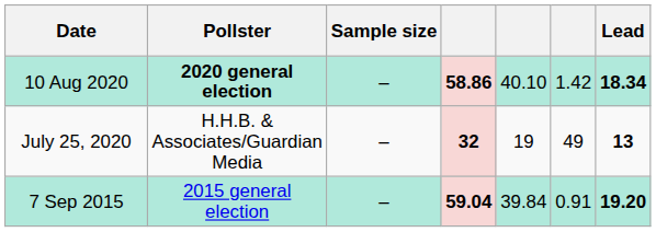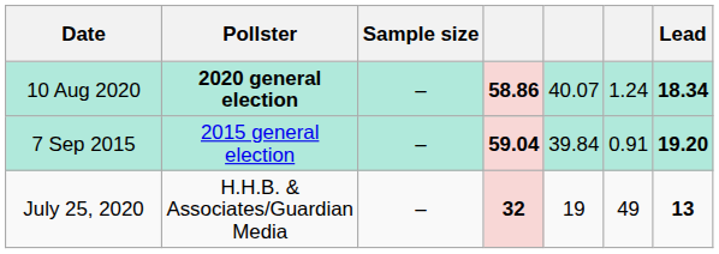 <table class="wikitable sortable collapsible" style="text-align:center;font-size:95%;">
 <tr style="height:42px;">
 <th style="width:110px;">Date</th>
 <th style="width:110px;">Pollster</th>
 <th data-sort-type="number">Sample size</th>
 <th class="unsortable" style="background:"><a href='#'></a></th>
 <th class="unsortable" style="background:"><a href='#'></a></th>
 <th class="unsortable" style="background:"></th>
 <th>Lead</th>
 </tr>
 <tr style="background:#b0e9db;">
 <td>10 Aug 2020</td>
 <td><strong>2020 general election</strong></td>
 <td>–</td>
 <td style="background:#F8D7D6;"><strong>58.86</strong></td>
-<td>40.10</td>
-<td>1.42</td>
+<td>40.07</td>
+<td>1.24</td>
 <td style="background:"><strong>18.34</strong></td>
+</tr>
+<tr style="background:#b0e9db;">
+<td data-sort-value="2015-09-07">7 Sep 2015</td>
+<td><a href='#'>2015 general election</a></td>
+<td>–</td>
+<td style="background:#F8D7D6;"><strong>59.04</strong></td>
+<td>39.84</td>
+<td>0.91</td>
+<td style="background:"><strong>19.20</strong></td>
 </tr>
 <tr>
 <td>July 25, 2020</td>
 <td>H.H.B. & Associates/Guardian Media</td>
 <td>–</td>
 <td style="background:#F8D7D6;"><strong>32</strong></td>
 <td>19</td>
 <td>49</td>
 <td style="background:"><strong>13</strong></td>
 </tr>
-<tr style="background:#b0e9db;">
-<td data-sort-value="2015-09-07">7 Sep 2015</td>
-<td><a href='#'>2015 general election</a></td>
-<td>–</td>
-<td style="background:#F8D7D6;"><strong>59.04</strong></td>
-<td>39.84</td>
-<td>0.91</td>
-<td style="background:"><strong>19.20</strong></td>
-</tr>
 </table>
